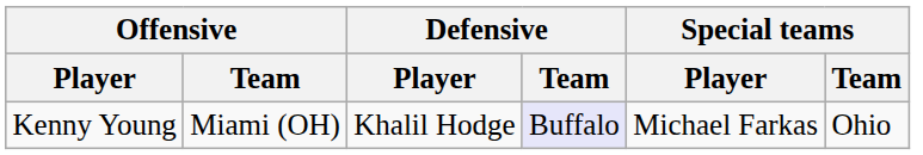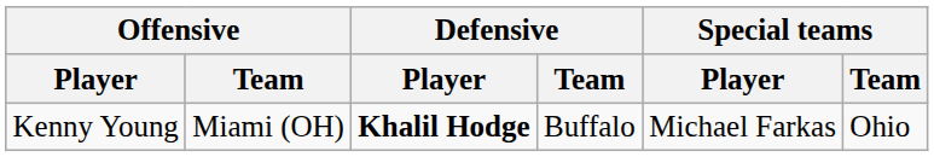 <table class="wikitable" style="display: inline-table;">
 <tr>
 <th colspan="2">Offensive</th>
 <th colspan="2">Defensive</th>
 <th colspan="2">Special teams</th>
 </tr>
 <tr>
 <th>Player</th>
 <th>Team</th>
 <th>Player</th>
 <th>Team</th>
 <th>Player</th>
 <th>Team</th>
 </tr>
 <tr>
 <td>Kenny Young</td>
 <td>Miami (OH)</td>
-<td>Khalil Hodge</td>
-<td style="background: lavender;">Buffalo</td>
+<td><strong>Khalil Hodge</strong></td>
+<td>Buffalo</td>
 <td>Michael Farkas</td>
 <td>Ohio</td>
 </tr>
 </table>
